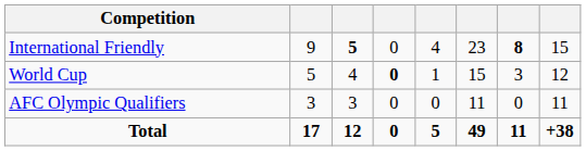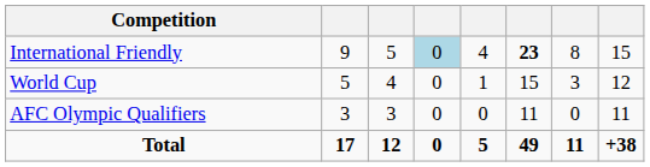 <table class="wikitable" style="text-align: center;">
 <tr>
 <th width=250>Competition</th>
 <th width=30></th>
 <th width=30></th>
 <th width=30></th>
 <th width=30></th>
 <th width=30></th>
 <th width=30></th>
 <th width=30></th>
 </tr>
 <tr>
 <td align=left><a href='#'>International Friendly</a></td>
 <td>9</td>
-<td><strong>5</strong></td>
-<td>0</td>
+<td>5</td>
+<td style="background: lightblue;">0</td>
 <td>4</td>
-<td>23</td>
-<td><strong>8</strong></td>
+<td><strong>23</strong></td>
+<td>8</td>
 <td>15</td>
 </tr>
 <tr>
 <td align=left><a href='#'>World Cup</a></td>
 <td>5</td>
 <td>4</td>
-<td><strong>0</strong></td>
+<td>0</td>
 <td>1</td>
 <td>15</td>
 <td>3</td>
 <td>12</td>
 </tr>
 <tr>
 <td align=left><a href='#'>AFC Olympic Qualifiers</a></td>
 <td>3</td>
 <td>3</td>
 <td>0</td>
 <td>0</td>
 <td>11</td>
 <td>0</td>
 <td>11</td>
 </tr>
 <tr>
 <td><strong>Total</strong></td>
 <td><strong>17</strong></td>
 <td><strong>12</strong></td>
 <td><strong>0</strong></td>
 <td><strong>5</strong></td>
 <td><strong>49</strong></td>
 <td><strong>11</strong></td>
 <td><strong>+38</strong></td>
 </tr>
 </table>
